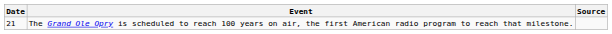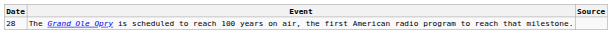 <table class=wikitable>
 <tr>
 <th>Date</th>
 <th>Event</th>
 <th>Source</th>
 </tr>
 <tr>
-<td>21</td>
+<td>28</td>
 <td>The <em><a href='#'>Grand Ole Opry</a></em> is scheduled to reach 100 years on air, the first American radio program to reach that milestone.</td>
 <td></td>
 </tr>
 </table>
